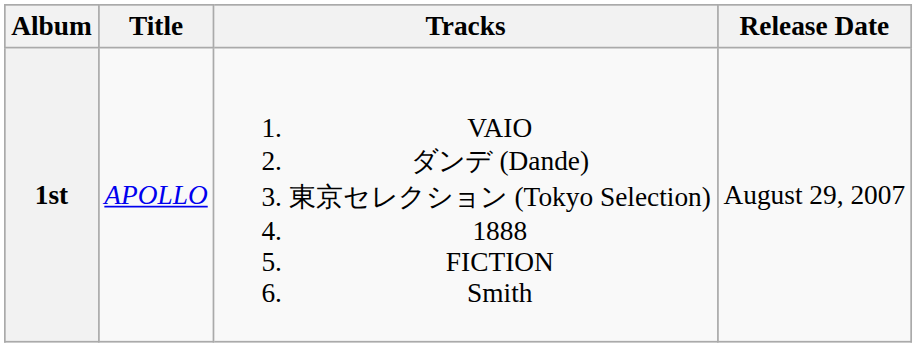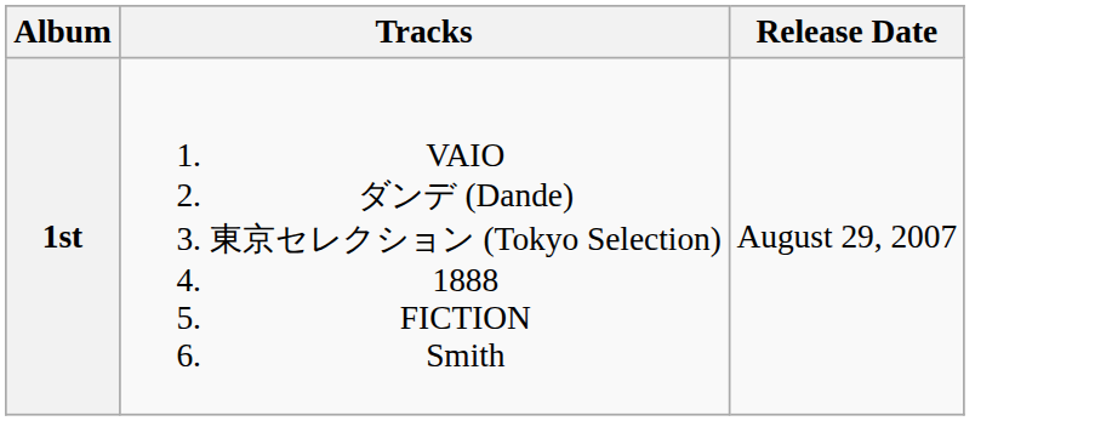 <table class="wikitable" style="text-align: center">
 <tr>
 <th>Album</th>
-<th>Title</th>
 <th>Tracks</th>
 <th>Release Date</th>
 </tr>
 <tr>
 <th>1st</th>
-<td><em><a href='#'>APOLLO</a></em></td>
 <td><br><ol><li>VAIO</li><li>ダンデ (Dande)</li><li>東京セレクション (Tokyo Selection)</li><li>1888</li><li>FICTION</li><li>Smith</li></ol></td>
 <td>August 29, 2007</td>
 </tr>
 </table>
